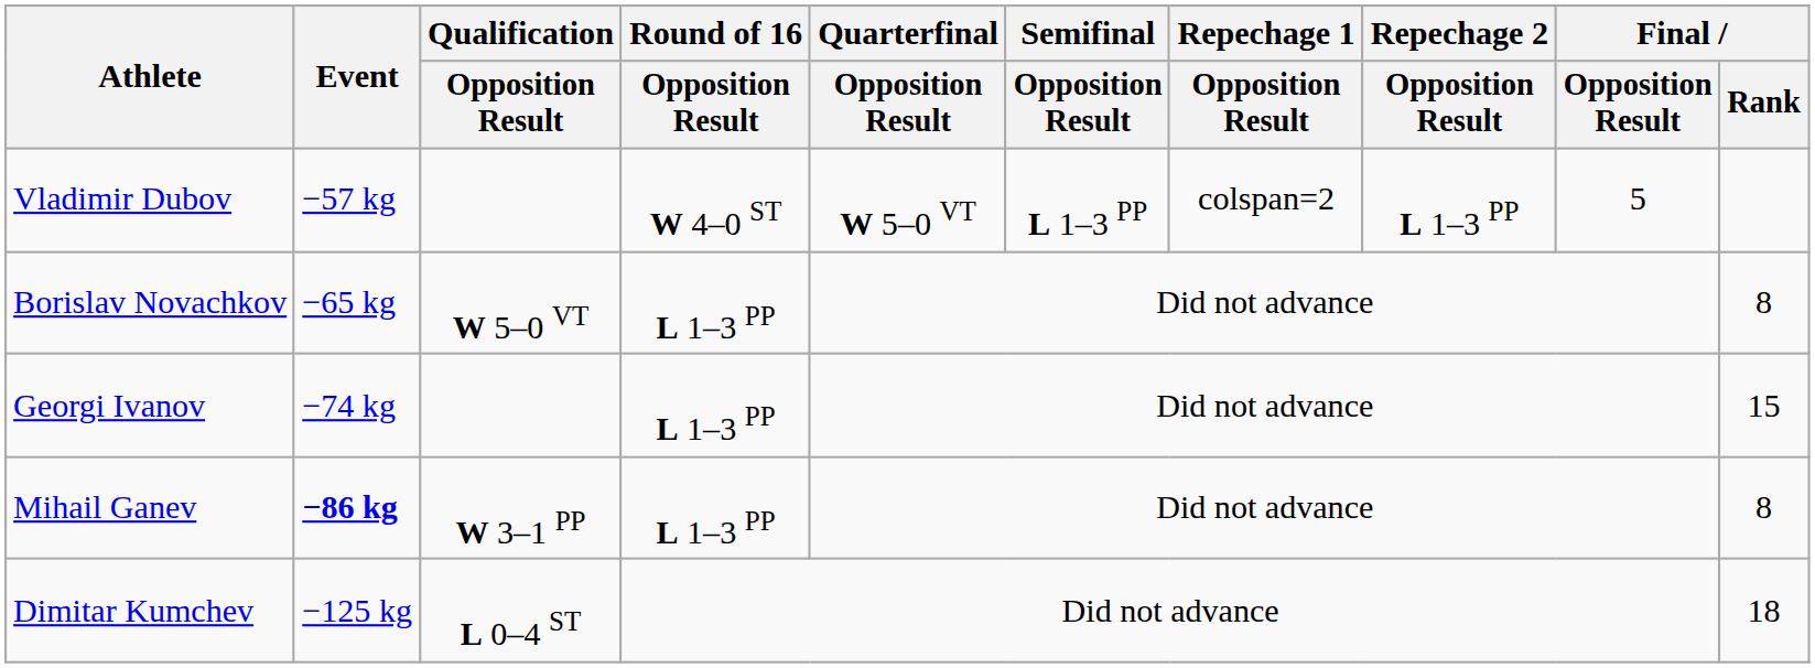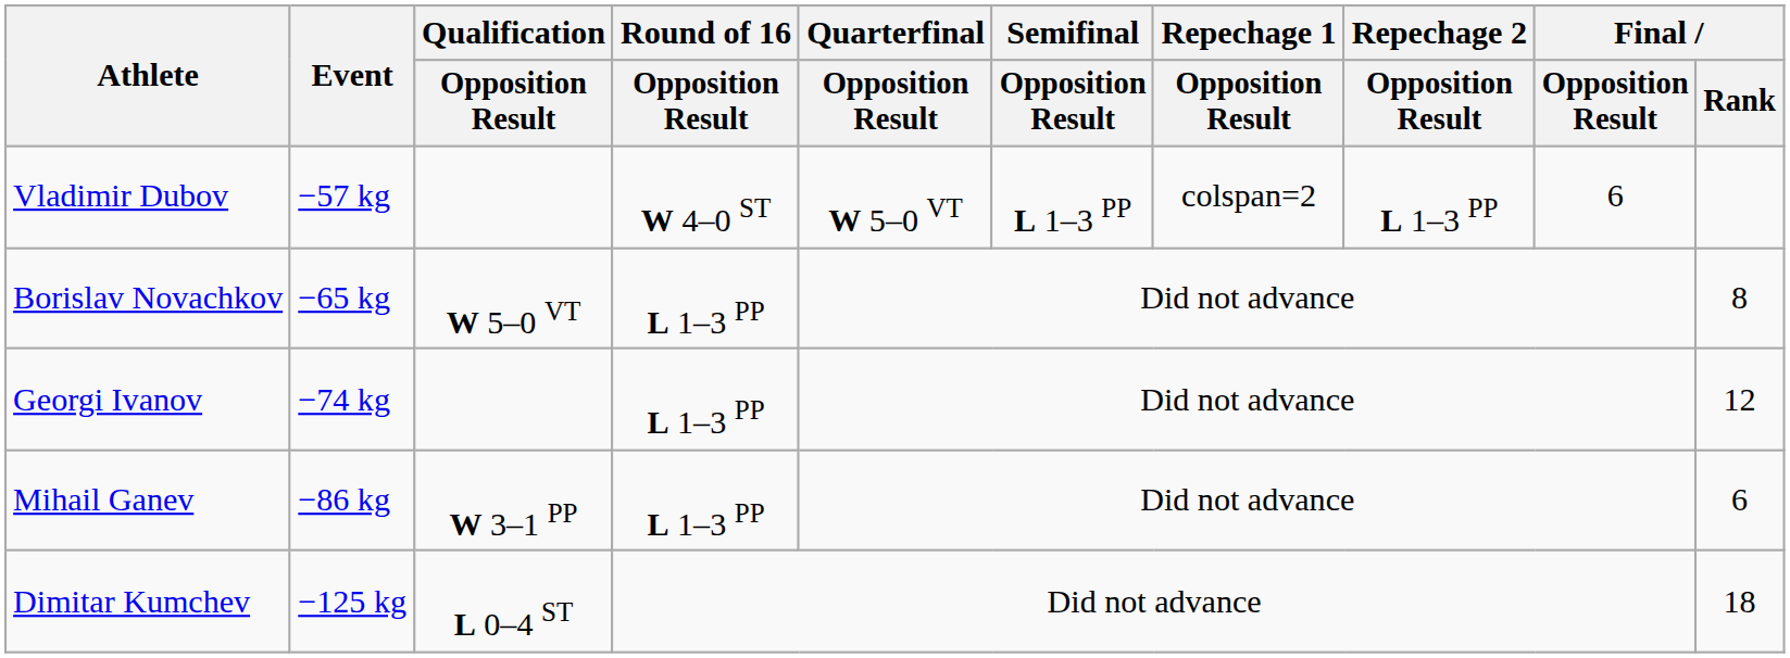 <table class="wikitable" style="font-size:90%">
 <tr>
 <th rowspan=2>Athlete</th>
 <th rowspan=2>Event</th>
 <th>Qualification</th>
 <th>Round of 16</th>
 <th>Quarterfinal</th>
 <th>Semifinal</th>
 <th>Repechage 1</th>
 <th>Repechage 2</th>
 <th colspan=2>Final / </th>
 </tr>
 <tr style="font-size: 95%">
 <th>Opposition<br>Result</th>
 <th>Opposition<br>Result</th>
 <th>Opposition<br>Result</th>
 <th>Opposition<br>Result</th>
 <th>Opposition<br>Result</th>
 <th>Opposition<br>Result</th>
 <th>Opposition<br>Result</th>
 <th>Rank</th>
 </tr>
 <tr align=center>
 <td align=left><a href='#'>Vladimir Dubov</a></td>
 <td align=left><a href='#'>−57 kg</a></td>
 <td></td>
 <td><br><strong>W</strong> 4–0 <sup>ST</sup></td>
 <td><br><strong>W</strong> 5–0 <sup>VT</sup></td>
 <td><br><strong>L</strong> 1–3 <sup>PP</sup></td>
 <td>colspan=2 </td>
 <td><br><strong>L</strong> 1–3 <sup>PP</sup></td>
-<td>5</td>
+<td>6</td>
 </tr>
 <tr align=center>
 <td align=left><a href='#'>Borislav Novachkov</a></td>
 <td align=left><a href='#'>−65 kg</a></td>
 <td><br><strong>W</strong> 5–0 <sup>VT</sup></td>
 <td><br><strong>L</strong> 1–3 <sup>PP</sup></td>
 <td colspan=5>Did not advance</td>
 <td>8</td>
 </tr>
 <tr align=center>
 <td align=left><a href='#'>Georgi Ivanov</a></td>
 <td align=left><a href='#'>−74 kg</a></td>
 <td></td>
 <td><br><strong>L</strong> 1–3 <sup>PP</sup></td>
 <td colspan=5>Did not advance</td>
-<td>15</td>
+<td>12</td>
 </tr>
 <tr align=center>
 <td align=left><a href='#'>Mihail Ganev</a></td>
-<td align=left><strong><a href='#'>−86 kg</a></strong></td>
+<td align=left><a href='#'>−86 kg</a></td>
 <td><br><strong>W</strong> 3–1 <sup>PP</sup></td>
 <td><br><strong>L</strong> 1–3 <sup>PP</sup></td>
 <td colspan=5>Did not advance</td>
-<td>8</td>
+<td>6</td>
 </tr>
 <tr align=center>
 <td align=left><a href='#'>Dimitar Kumchev</a></td>
 <td align=left><a href='#'>−125 kg</a></td>
 <td><br><strong>L</strong> 0–4 <sup>ST</sup></td>
 <td colspan=6>Did not advance</td>
 <td>18</td>
 </tr>
 </table>
